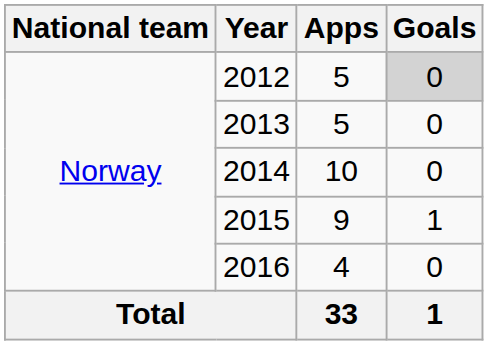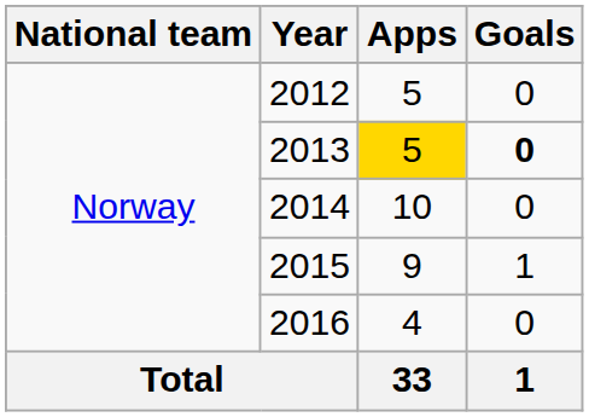 <table class="wikitable" style="text-align:center">
 <tr>
 <th>National team</th>
 <th>Year</th>
 <th>Apps</th>
 <th>Goals</th>
 </tr>
 <tr>
 <td rowspan="5"><a href='#'>Norway</a></td>
 <td>2012</td>
 <td>5</td>
-<td style="background: lightgrey;">0</td>
+<td>0</td>
 </tr>
 <tr>
 <td>2013</td>
-<td>5</td>
-<td>0</td>
+<td style="background: gold;">5</td>
+<td><strong>0</strong></td>
 </tr>
 <tr>
 <td>2014</td>
 <td>10</td>
 <td>0</td>
 </tr>
 <tr>
 <td>2015</td>
 <td>9</td>
 <td>1</td>
 </tr>
 <tr>
 <td>2016</td>
 <td>4</td>
 <td>0</td>
 </tr>
 <tr>
 <th colspan="2">Total</th>
 <th>33</th>
 <th>1</th>
 </tr>
 </table>
